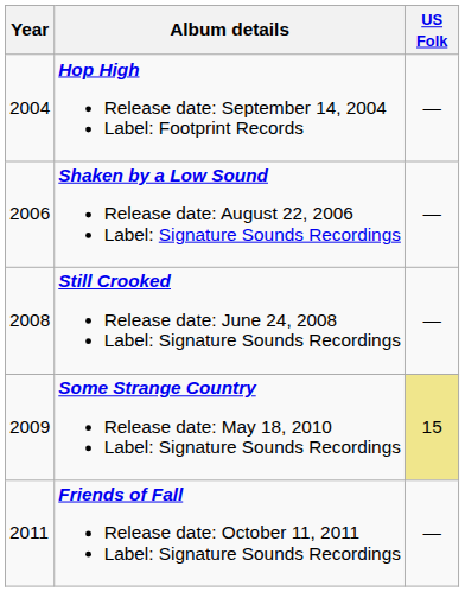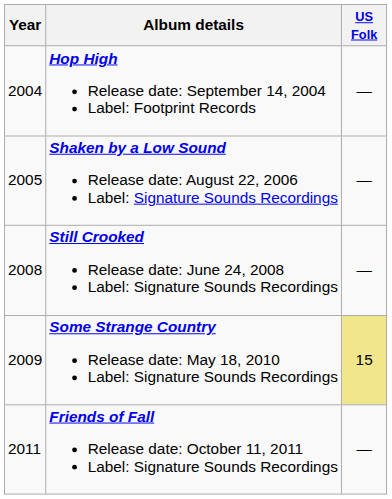 <table class="wikitable">
 <tr>
 <th>Year</th>
 <th>Album details</th>
 <th style="width:40px;"><small><a href='#'>US Folk</a></small></th>
 </tr>
 <tr>
 <td>2004</td>
 <td><strong><em><a href='#'>Hop High</a></em></strong><br><ul><li>Release date: September 14, 2004</li><li>Label: Footprint Records</li></ul></td>
 <td style="text-align:center;">—</td>
 </tr>
 <tr>
-<td>2006</td>
+<td>2005</td>
 <td><strong><em><a href='#'>Shaken by a Low Sound</a></em></strong><br><ul><li>Release date: August 22, 2006</li><li>Label: <a href='#'>Signature Sounds Recordings</a></li></ul></td>
 <td style="text-align:center;">—</td>
 </tr>
 <tr>
 <td>2008</td>
 <td><strong><em><a href='#'>Still Crooked</a></em></strong><br><ul><li>Release date: June 24, 2008</li><li>Label: Signature Sounds Recordings</li></ul></td>
 <td style="text-align:center;">—</td>
 </tr>
 <tr>
 <td>2009</td>
 <td><strong><em><a href='#'>Some Strange Country</a></em></strong><br><ul><li>Release date: May 18, 2010</li><li>Label: Signature Sounds Recordings</li></ul></td>
 <td style="background: khaki; text-align:center;">15</td>
 </tr>
 <tr>
 <td>2011</td>
 <td><strong><em><a href='#'>Friends of Fall</a></em></strong><br><ul><li>Release date: October 11, 2011</li><li>Label: Signature Sounds Recordings</li></ul></td>
 <td style="text-align:center;">—</td>
 </tr>
 </table>
